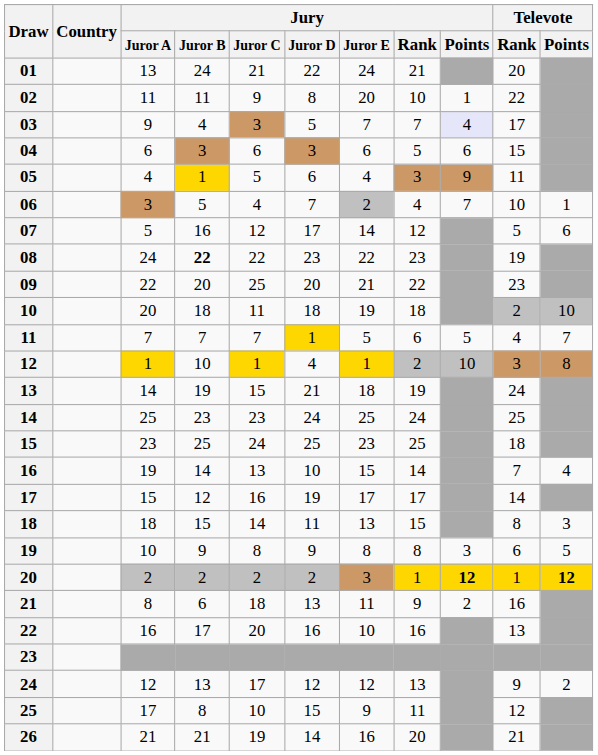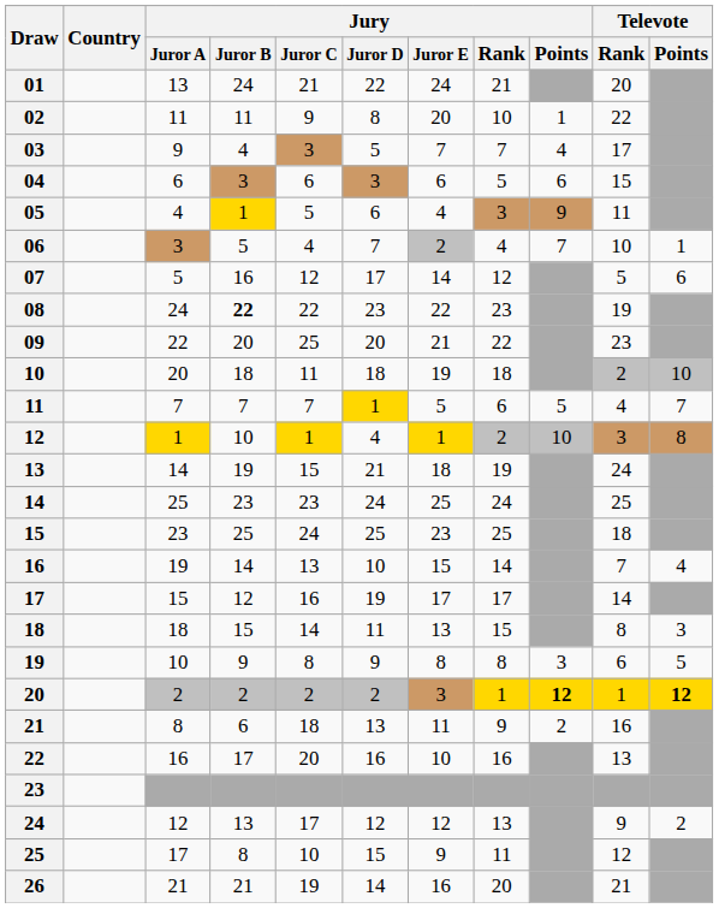 <table class="sortable wikitable collapsible plainrowheaders" style="text-align:center;">
 <tr>
 </tr>
 <tr>
 <th scope="col" rowspan="2">Draw</th>
 <th scope="col" rowspan="2">Country</th>
 <th scope="col" colspan="7">Jury</th>
 <th scope="col" colspan="2">Televote</th>
 </tr>
 <tr>
 <th scope="col"><small>Juror A</small></th>
 <th scope="col"><small>Juror B</small></th>
 <th scope="col"><small>Juror C</small></th>
 <th scope="col"><small>Juror D</small></th>
 <th scope="col"><small>Juror E</small></th>
 <th scope="col">Rank</th>
 <th scope="col">Points</th>
 <th scope="col">Rank</th>
 <th scope="col">Points</th>
 </tr>
 <tr>
 <th scope="row" style="text-align:center;">01</th>
 <td style="text-align:left;"></td>
 <td>13</td>
 <td>24</td>
 <td>21</td>
 <td>22</td>
 <td>24</td>
 <td>21</td>
 <td style="background:#AAAAAA;"></td>
 <td>20</td>
 <td style="background:#AAAAAA;"></td>
 </tr>
 <tr>
 <th scope="row" style="text-align:center;">02</th>
 <td style="text-align:left;"></td>
 <td>11</td>
 <td>11</td>
 <td>9</td>
 <td>8</td>
 <td>20</td>
 <td>10</td>
 <td>1</td>
 <td>22</td>
 <td style="background:#AAAAAA;"></td>
 </tr>
 <tr>
 <th scope="row" style="text-align:center;">03</th>
 <td style="text-align:left;"></td>
 <td>9</td>
 <td>4</td>
 <td style="background:#CC9966;">3</td>
 <td>5</td>
 <td>7</td>
 <td>7</td>
-<td style="background: lavender;">4</td>
+<td>4</td>
 <td>17</td>
 <td style="background:#AAAAAA;"></td>
 </tr>
 <tr>
 <th scope="row" style="text-align:center;">04</th>
 <td style="text-align:left;"></td>
 <td>6</td>
 <td style="background:#CC9966;">3</td>
 <td>6</td>
 <td style="background:#CC9966;">3</td>
 <td>6</td>
 <td>5</td>
 <td>6</td>
 <td>15</td>
 <td style="background:#AAAAAA;"></td>
 </tr>
 <tr>
 <th scope="row" style="text-align:center;">05</th>
 <td style="text-align:left;"></td>
 <td>4</td>
 <td style="background:gold;">1</td>
 <td>5</td>
 <td>6</td>
 <td>4</td>
 <td style="background:#CC9966;">3</td>
 <td style="background:#CC9966;">9</td>
 <td>11</td>
 <td style="background:#AAAAAA;"></td>
 </tr>
 <tr>
 <th scope="row" style="text-align:center;">06</th>
 <td style="text-align:left;"></td>
 <td style="background:#CC9966;">3</td>
 <td>5</td>
 <td>4</td>
 <td>7</td>
 <td style="background:silver;">2</td>
 <td>4</td>
 <td>7</td>
 <td>10</td>
 <td>1</td>
 </tr>
 <tr>
 <th scope="row" style="text-align:center;">07</th>
 <td style="text-align:left;"></td>
 <td>5</td>
 <td>16</td>
 <td>12</td>
 <td>17</td>
 <td>14</td>
 <td>12</td>
 <td style="background:#AAAAAA;"></td>
 <td>5</td>
 <td>6</td>
 </tr>
 <tr>
 <th scope="row" style="text-align:center;">08</th>
 <td style="text-align:left;"></td>
 <td>24</td>
 <td><strong>22</strong></td>
 <td>22</td>
 <td>23</td>
 <td>22</td>
 <td>23</td>
 <td style="background:#AAAAAA;"></td>
 <td>19</td>
 <td style="background:#AAAAAA;"></td>
 </tr>
 <tr>
 <th scope="row" style="text-align:center;">09</th>
 <td style="text-align:left;"></td>
 <td>22</td>
 <td>20</td>
 <td>25</td>
 <td>20</td>
 <td>21</td>
 <td>22</td>
 <td style="background:#AAAAAA;"></td>
 <td>23</td>
 <td style="background:#AAAAAA;"></td>
 </tr>
 <tr>
 <th scope="row" style="text-align:center;">10</th>
 <td style="text-align:left;"></td>
 <td>20</td>
 <td>18</td>
 <td>11</td>
 <td>18</td>
 <td>19</td>
 <td>18</td>
 <td style="background:#AAAAAA;"></td>
 <td style="background:silver;">2</td>
 <td style="background:silver;">10</td>
 </tr>
 <tr>
 <th scope="row" style="text-align:center;">11</th>
 <td style="text-align:left;"></td>
 <td>7</td>
 <td>7</td>
 <td>7</td>
 <td style="background:gold;">1</td>
 <td>5</td>
 <td>6</td>
 <td>5</td>
 <td>4</td>
 <td>7</td>
 </tr>
 <tr>
 <th scope="row" style="text-align:center;">12</th>
 <td style="text-align:left;"></td>
 <td style="background:gold;">1</td>
 <td>10</td>
 <td style="background:gold;">1</td>
 <td>4</td>
 <td style="background:gold;">1</td>
 <td style="background:silver;">2</td>
 <td style="background:silver;">10</td>
 <td style="background:#CC9966;">3</td>
 <td style="background:#CC9966;">8</td>
 </tr>
 <tr>
 <th scope="row" style="text-align:center;">13</th>
 <td style="text-align:left;"></td>
 <td>14</td>
 <td>19</td>
 <td>15</td>
 <td>21</td>
 <td>18</td>
 <td>19</td>
 <td style="background:#AAAAAA;"></td>
 <td>24</td>
 <td style="background:#AAAAAA;"></td>
 </tr>
 <tr>
 <th scope="row" style="text-align:center;">14</th>
 <td style="text-align:left;"></td>
 <td>25</td>
 <td>23</td>
 <td>23</td>
 <td>24</td>
 <td>25</td>
 <td>24</td>
 <td style="background:#AAAAAA;"></td>
 <td>25</td>
 <td style="background:#AAAAAA;"></td>
 </tr>
 <tr>
 <th scope="row" style="text-align:center;">15</th>
 <td style="text-align:left;"></td>
 <td>23</td>
 <td>25</td>
 <td>24</td>
 <td>25</td>
 <td>23</td>
 <td>25</td>
 <td style="background:#AAAAAA;"></td>
 <td>18</td>
 <td style="background:#AAAAAA;"></td>
 </tr>
 <tr>
 <th scope="row" style="text-align:center;">16</th>
 <td style="text-align:left;"></td>
 <td>19</td>
 <td>14</td>
 <td>13</td>
 <td>10</td>
 <td>15</td>
 <td>14</td>
 <td style="background:#AAAAAA;"></td>
 <td>7</td>
 <td>4</td>
 </tr>
 <tr>
 <th scope="row" style="text-align:center;">17</th>
 <td style="text-align:left;"></td>
 <td>15</td>
 <td>12</td>
 <td>16</td>
 <td>19</td>
 <td>17</td>
 <td>17</td>
 <td style="background:#AAAAAA;"></td>
 <td>14</td>
 <td style="background:#AAAAAA;"></td>
 </tr>
 <tr>
 <th scope="row" style="text-align:center;">18</th>
 <td style="text-align:left;"></td>
 <td>18</td>
 <td>15</td>
 <td>14</td>
 <td>11</td>
 <td>13</td>
 <td>15</td>
 <td style="background:#AAAAAA;"></td>
 <td>8</td>
 <td>3</td>
 </tr>
 <tr>
 <th scope="row" style="text-align:center;">19</th>
 <td style="text-align:left;"></td>
 <td>10</td>
 <td>9</td>
 <td>8</td>
 <td>9</td>
 <td>8</td>
 <td>8</td>
 <td>3</td>
 <td>6</td>
 <td>5</td>
 </tr>
 <tr>
 <th scope="row" style="text-align:center;">20</th>
 <td style="text-align:left;"></td>
 <td style="background:silver;">2</td>
 <td style="background:silver;">2</td>
 <td style="background:silver;">2</td>
 <td style="background:silver;">2</td>
 <td style="background:#CC9966;">3</td>
 <td style="background:gold;">1</td>
 <td style="background:gold;"><strong>12</strong></td>
 <td style="background:gold;">1</td>
 <td style="background:gold;"><strong>12</strong></td>
 </tr>
 <tr>
 <th scope="row" style="text-align:center;">21</th>
 <td style="text-align:left;"></td>
 <td>8</td>
 <td>6</td>
 <td>18</td>
 <td>13</td>
 <td>11</td>
 <td>9</td>
 <td>2</td>
 <td>16</td>
 <td style="background:#AAAAAA;"></td>
 </tr>
 <tr>
 <th scope="row" style="text-align:center;">22</th>
 <td style="text-align:left;"></td>
 <td>16</td>
 <td>17</td>
 <td>20</td>
 <td>16</td>
 <td>10</td>
 <td>16</td>
 <td style="background:#AAAAAA;"></td>
 <td>13</td>
 <td style="background:#AAAAAA;"></td>
 </tr>
 <tr class="sortbottom">
 <th scope="row" style="text-align:center;">23</th>
 <td style="text-align:left;"></td>
 <td style="background:#AAAAAA;"></td>
 <td style="background:#AAAAAA;"></td>
 <td style="background:#AAAAAA;"></td>
 <td style="background:#AAAAAA;"></td>
 <td style="background:#AAAAAA;"></td>
 <td style="background:#AAAAAA;"></td>
 <td style="background:#AAAAAA;"></td>
 <td style="background:#AAAAAA;"></td>
 <td style="background:#AAAAAA;"></td>
 </tr>
 <tr>
 <th scope="row" style="text-align:center;">24</th>
 <td style="text-align:left;"></td>
 <td>12</td>
 <td>13</td>
 <td>17</td>
 <td>12</td>
 <td>12</td>
 <td>13</td>
 <td style="background:#AAAAAA;"></td>
 <td>9</td>
 <td>2</td>
 </tr>
 <tr>
 <th scope="row" style="text-align:center;">25</th>
 <td style="text-align:left;"></td>
 <td>17</td>
 <td>8</td>
 <td>10</td>
 <td>15</td>
 <td>9</td>
 <td>11</td>
 <td style="background:#AAAAAA;"></td>
 <td>12</td>
 <td style="background:#AAAAAA;"></td>
 </tr>
 <tr>
 <th scope="row" style="text-align:center;">26</th>
 <td style="text-align:left;"></td>
 <td>21</td>
 <td>21</td>
 <td>19</td>
 <td>14</td>
 <td>16</td>
 <td>20</td>
 <td style="background:#AAAAAA;"></td>
 <td>21</td>
 <td style="background:#AAAAAA;"></td>
 </tr>
 </table>
